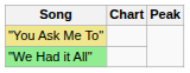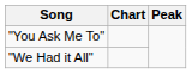 <table class="wikitable">
 <tr>
 <th scope="col">Song</th>
 <th scope="col">Chart</th>
 <th scope="col">Peak</th>
 </tr>
 <tr>
-<td style="background: khaki;">"You Ask Me To"</td>
+<td>"You Ask Me To"</td>
 <td></td>
 </tr>
 <tr>
-<td style="background: lightgreen;">"We Had it All"</td>
+<td>"We Had it All"</td>
 <td></td>
 </tr>
 </table>
